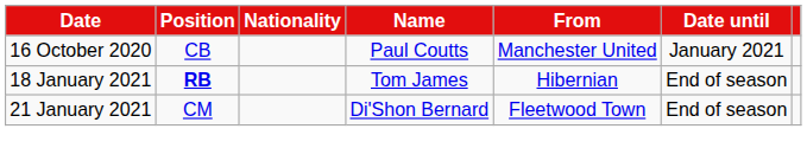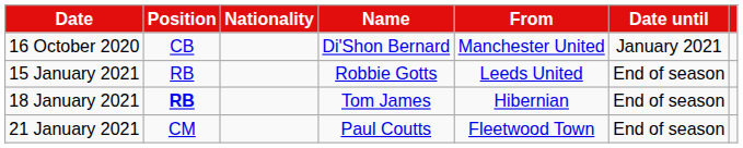 <table class="wikitable"  style="text-align:center; font-size:90%; ">
 <tr>
 <th style="background:#e20e0e; color:white; ">Date</th>
 <th style="background:#e20e0e; color:white; ">Position</th>
 <th style="background:#e20e0e; color:white; ">Nationality</th>
 <th style="background:#e20e0e; color:white; ">Name</th>
 <th style="background:#e20e0e; color:white; ">From</th>
 <th style="background:#e20e0e; color:white; ">Date until</th>
 <th style="background:#e20e0e; color:white; "></th>
 </tr>
 <tr>
 <td>16 October 2020</td>
 <td><a href='#'>CB</a></td>
 <td></td>
-<td><a href='#'>Paul Coutts</a></td>
+<td><a href='#'>Di'Shon Bernard</a></td>
 <td> <a href='#'>Manchester United</a></td>
 <td>January 2021</td>
+<td></td>
+</tr>
+<tr>
+<td>15 January 2021</td>
+<td><a href='#'>RB</a></td>
+<td></td>
+<td><a href='#'>Robbie Gotts</a></td>
+<td> <a href='#'>Leeds United</a></td>
+<td>End of season</td>
 <td></td>
 </tr>
 <tr>
 <td>18 January 2021</td>
 <td><strong><a href='#'>RB</a></strong></td>
 <td></td>
 <td><a href='#'>Tom James</a></td>
 <td> <a href='#'>Hibernian</a></td>
 <td>End of season</td>
 <td></td>
 </tr>
 <tr>
 <td>21 January 2021</td>
 <td><a href='#'>CM</a></td>
 <td></td>
-<td><a href='#'>Di'Shon Bernard</a></td>
+<td><a href='#'>Paul Coutts</a></td>
 <td> <a href='#'>Fleetwood Town</a></td>
 <td>End of season</td>
 <td></td>
 </tr>
 </table>
